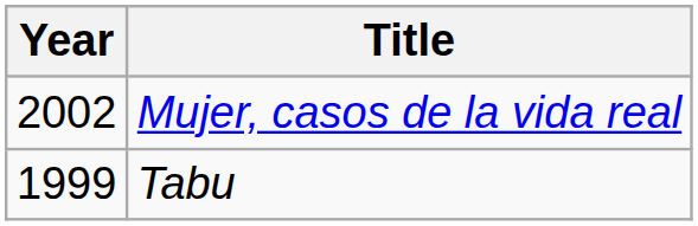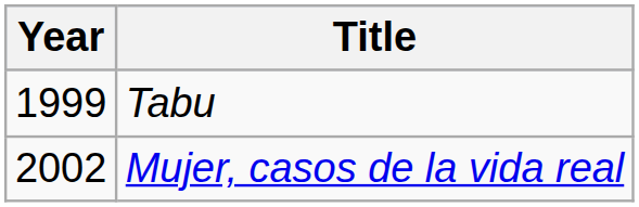 <table class="wikitable">
 <tr style="background:#b0c4de;">
 <th>Year</th>
 <th>Title</th>
 </tr>
 <tr>
+<td>1999</td>
+<td><em>Tabu </em></td>
+</tr>
+<tr>
 <td>2002</td>
 <td><em><a href='#'>Mujer, casos de la vida real</a></em></td>
 </tr>
-<tr>
-<td>1999</td>
-<td><em>Tabu </em></td>
-</tr>
 </table>
